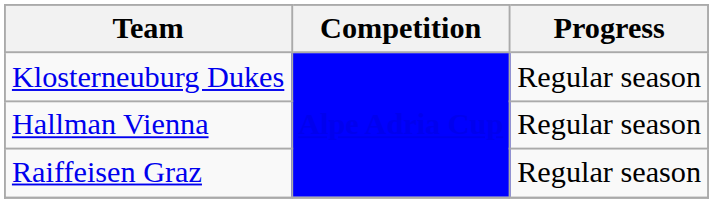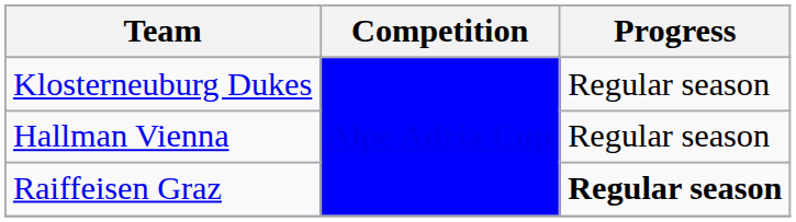 <table class="wikitable sortable">
 <tr>
 <th>Team</th>
 <th>Competition</th>
 <th>Progress</th>
 </tr>
 <tr>
 <td><a href='#'>Klosterneuburg Dukes</a></td>
 <td rowspan="3" style="background-color:blue;color:#D0D3D4;text-align:center"><strong><a href='#'><span>Alpe Adria Cup</span></a></strong></td>
 <td>Regular season</td>
 </tr>
 <tr>
 <td><a href='#'>Hallman Vienna</a></td>
 <td>Regular season</td>
 </tr>
 <tr>
 <td><a href='#'>Raiffeisen Graz</a></td>
-<td>Regular season</td>
+<td><strong>Regular season</strong></td>
 </tr>
 <tr>
 </tr>
 </table>
